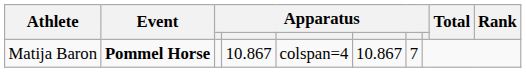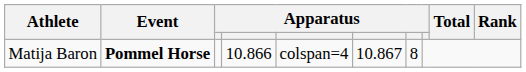 <table class="wikitable" style="font-size:90%">
 <tr>
 <th rowspan=2>Athlete</th>
 <th rowspan=2>Event</th>
 <th colspan=6>Apparatus</th>
 <th rowspan=2>Total</th>
 <th rowspan=2>Rank</th>
 </tr>
 <tr style="font-size:95%">
 <th></th>
 <th></th>
 <th></th>
 <th></th>
 <th></th>
 <th></th>
 </tr>
 <tr align=center>
 <td align=left>Matija Baron</td>
 <td align=left><strong>Pommel Horse</strong></td>
 <td></td>
-<td>10.867</td>
+<td>10.866</td>
 <td>colspan=4 </td>
 <td>10.867</td>
-<td>7</td>
+<td>8</td>
 </tr>
 </table>
